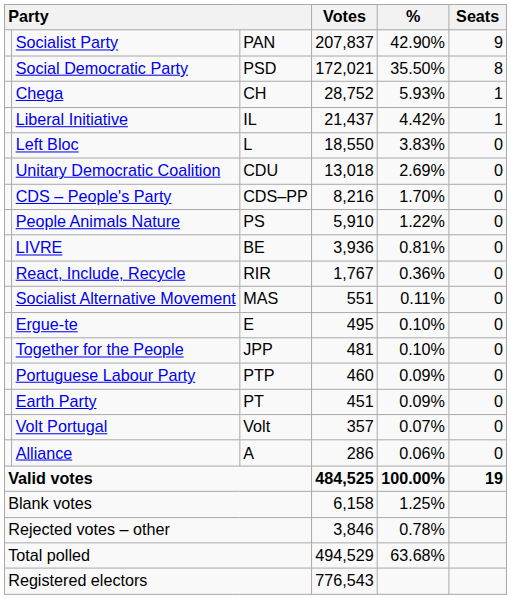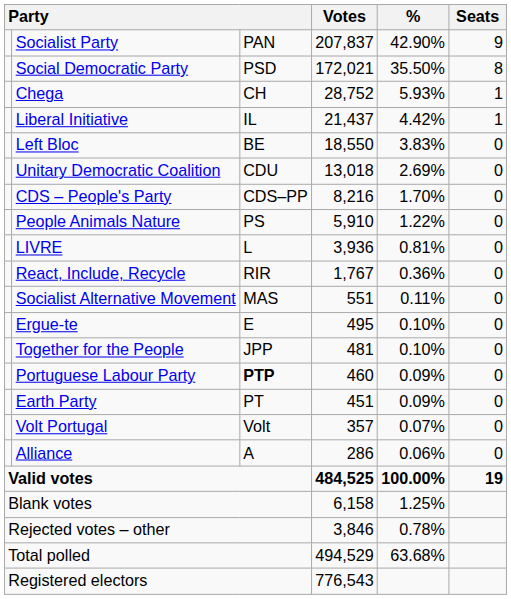 <table class="wikitable" border="1" style="text-align:right;">
 <tr>
 <th style="text-align:left;" colspan=3>Party</th>
 <th align=center width="50">Votes</th>
 <th align=center width="50">%</th>
 <th align=center width="50">Seats</th>
 </tr>
 <tr>
 <td></td>
 <td align=left><a href='#'>Socialist Party</a></td>
 <td align=left>PAN</td>
 <td>207,837</td>
 <td>42.90%</td>
 <td>9</td>
 </tr>
 <tr>
 <td></td>
 <td align=left><a href='#'>Social Democratic Party</a></td>
 <td align=left>PSD</td>
 <td>172,021</td>
 <td>35.50%</td>
 <td>8</td>
 </tr>
 <tr>
 <td></td>
 <td align=left><a href='#'>Chega</a></td>
 <td align=left>CH</td>
 <td>28,752</td>
 <td>5.93%</td>
 <td>1</td>
 </tr>
 <tr>
 <td></td>
 <td align=left><a href='#'>Liberal Initiative</a></td>
 <td align=left>IL</td>
 <td>21,437</td>
 <td>4.42%</td>
 <td>1</td>
 </tr>
 <tr>
 <td></td>
 <td align=left><a href='#'>Left Bloc</a></td>
-<td align=left>L</td>
+<td align=left>BE</td>
 <td>18,550</td>
 <td>3.83%</td>
 <td>0</td>
 </tr>
 <tr>
 <td></td>
 <td align=left style="white-space: nowrap;"><a href='#'>Unitary Democratic Coalition</a></td>
 <td align=left>CDU</td>
 <td>13,018</td>
 <td>2.69%</td>
 <td>0</td>
 </tr>
 <tr>
 <td></td>
 <td align=left><a href='#'>CDS – People's Party</a></td>
 <td align=left style="white-space: nowrap;">CDS–PP</td>
 <td>8,216</td>
 <td>1.70%</td>
 <td>0</td>
 </tr>
 <tr>
 <td></td>
 <td align=left><a href='#'>People Animals Nature</a></td>
 <td align=left>PS</td>
 <td>5,910</td>
 <td>1.22%</td>
 <td>0</td>
 </tr>
 <tr>
 <td></td>
 <td align=left><a href='#'>LIVRE</a></td>
-<td align=left>BE</td>
+<td align=left>L</td>
 <td>3,936</td>
 <td>0.81%</td>
 <td>0</td>
 </tr>
 <tr>
 <td></td>
 <td align=left><a href='#'>React, Include, Recycle</a></td>
 <td align=left>RIR</td>
 <td>1,767</td>
 <td>0.36%</td>
 <td>0</td>
 </tr>
 <tr>
 <td></td>
 <td align=left><a href='#'>Socialist Alternative Movement</a></td>
 <td align=left>MAS</td>
 <td>551</td>
 <td>0.11%</td>
 <td>0</td>
 </tr>
 <tr>
 <td></td>
 <td align=left><a href='#'>Ergue-te</a></td>
 <td align=left>E</td>
 <td>495</td>
 <td>0.10%</td>
 <td>0</td>
 </tr>
 <tr>
 <td></td>
 <td align=left><a href='#'>Together for the People</a></td>
 <td align=left>JPP</td>
 <td>481</td>
 <td>0.10%</td>
 <td>0</td>
 </tr>
 <tr>
 <td></td>
 <td align=left><a href='#'>Portuguese Labour Party</a></td>
-<td align=left>PTP</td>
+<td align=left><strong>PTP</strong></td>
 <td>460</td>
 <td>0.09%</td>
 <td>0</td>
 </tr>
 <tr>
 <td></td>
 <td align=left><a href='#'>Earth Party</a></td>
 <td align=left>PT</td>
 <td>451</td>
 <td>0.09%</td>
 <td>0</td>
 </tr>
 <tr>
 <td></td>
 <td align=left><a href='#'>Volt Portugal</a></td>
 <td align=left>Volt</td>
 <td>357</td>
 <td>0.07%</td>
 <td>0</td>
 </tr>
 <tr>
 <td></td>
 <td align=left><a href='#'>Alliance</a></td>
 <td align=left>A</td>
 <td>286</td>
 <td>0.06%</td>
 <td>0</td>
 </tr>
 <tr style="font-weight:bold">
 <td align=left colspan=3>Valid votes</td>
 <td>484,525</td>
 <td>100.00%</td>
 <td>19</td>
 </tr>
 <tr>
 <td align=left colspan=3>Blank votes</td>
 <td>6,158</td>
 <td>1.25%</td>
 <td></td>
 </tr>
 <tr>
 <td align=left colspan=3>Rejected votes – other</td>
 <td>3,846</td>
 <td>0.78%</td>
 <td></td>
 </tr>
 <tr>
 <td align=left colspan=3>Total polled</td>
 <td>494,529</td>
 <td>63.68%</td>
 <td></td>
 </tr>
 <tr>
 <td align=left colspan=3>Registered electors</td>
 <td>776,543</td>
 <td></td>
 <td></td>
 </tr>
 </table>
